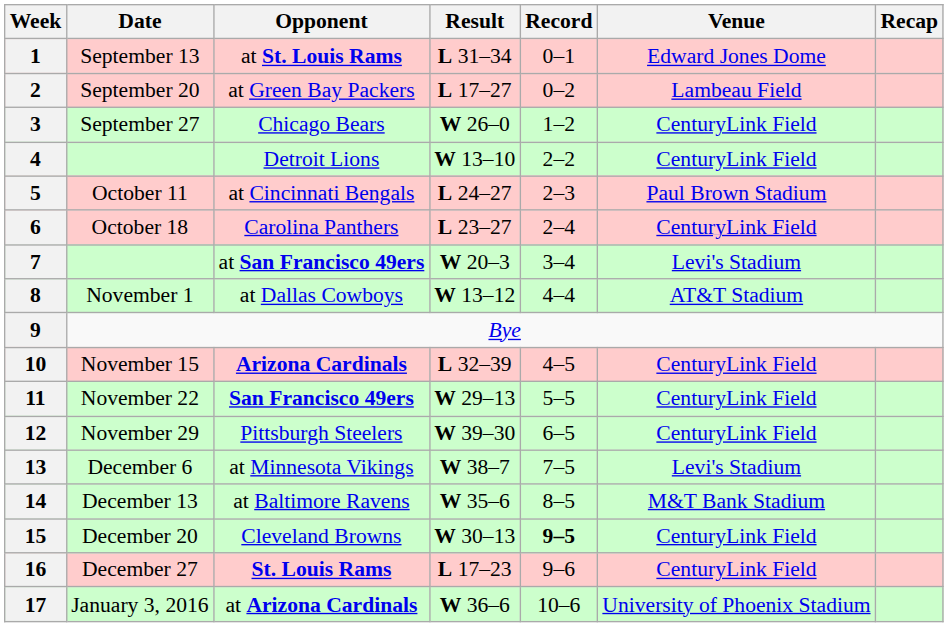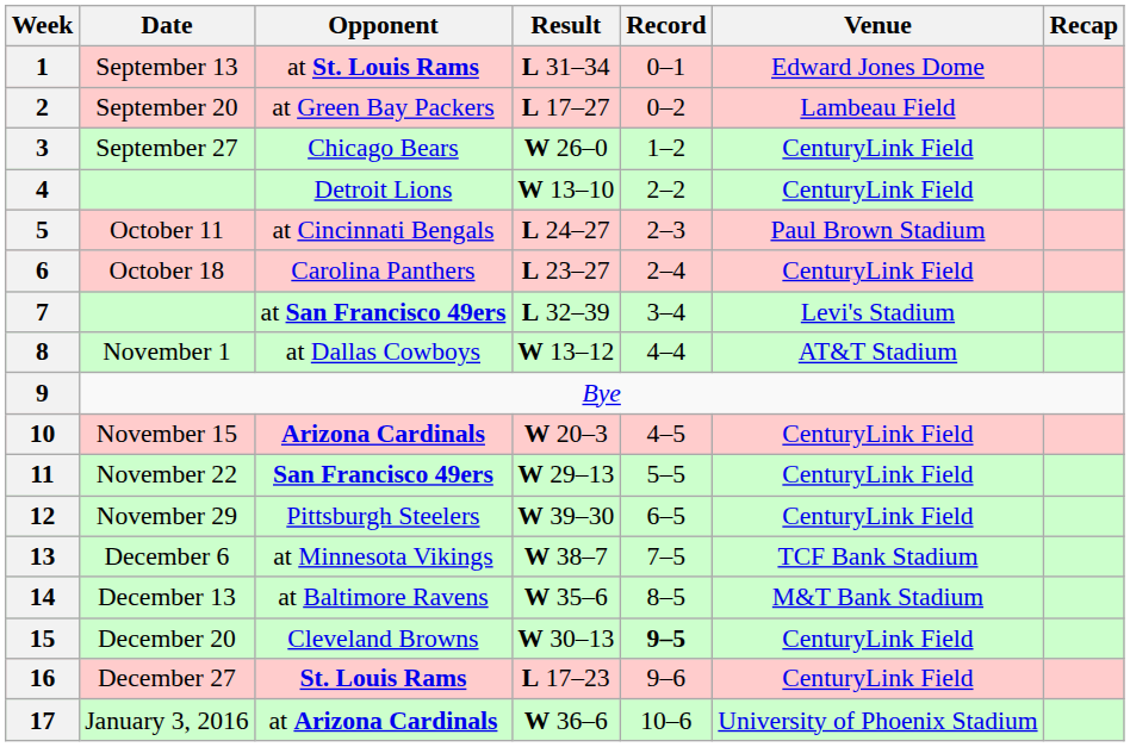 <table class="wikitable" style="text-align:center">
 <tr>
 <th>Week</th>
 <th>Date</th>
 <th>Opponent</th>
 <th>Result</th>
 <th>Record</th>
 <th>Venue</th>
 <th>Recap</th>
 </tr>
 <tr style="background:#fcc">
 <th>1</th>
 <td>September 13</td>
 <td>at <strong><a href='#'>St. Louis Rams</a></strong></td>
 <td><strong>L</strong> 31–34 </td>
 <td>0–1</td>
 <td><a href='#'>Edward Jones Dome</a></td>
 <td></td>
 </tr>
 <tr style="background:#fcc">
 <th>2</th>
 <td>September 20</td>
 <td>at <a href='#'>Green Bay Packers</a></td>
 <td><strong>L</strong> 17–27</td>
 <td>0–2</td>
 <td><a href='#'>Lambeau Field</a></td>
 <td></td>
 </tr>
 <tr style="background:#cfc">
 <th>3</th>
 <td>September 27</td>
 <td><a href='#'>Chicago Bears</a></td>
 <td><strong>W</strong> 26–0</td>
 <td>1–2</td>
 <td><a href='#'>CenturyLink Field</a></td>
 <td></td>
 </tr>
 <tr style="background:#cfc">
 <th>4</th>
 <td></td>
 <td><a href='#'>Detroit Lions</a></td>
 <td><strong>W</strong> 13–10</td>
 <td>2–2</td>
 <td><a href='#'>CenturyLink Field</a></td>
 <td></td>
 </tr>
 <tr style="background:#fcc">
 <th>5</th>
 <td>October 11</td>
 <td>at <a href='#'>Cincinnati Bengals</a></td>
 <td><strong>L</strong> 24–27 </td>
 <td>2–3</td>
 <td><a href='#'>Paul Brown Stadium</a></td>
 <td></td>
 </tr>
 <tr style="background:#fcc">
 <th>6</th>
 <td>October 18</td>
 <td><a href='#'>Carolina Panthers</a></td>
 <td><strong>L</strong> 23–27</td>
 <td>2–4</td>
 <td><a href='#'>CenturyLink Field</a></td>
 <td></td>
 </tr>
 <tr style="background:#cfc">
 <th>7</th>
 <td></td>
 <td>at <strong><a href='#'>San Francisco 49ers</a></strong></td>
-<td><strong>W</strong> 20–3</td>
+<td><strong>L</strong> 32–39</td>
 <td>3–4</td>
 <td><a href='#'>Levi's Stadium</a></td>
 <td></td>
 </tr>
 <tr style="background:#cfc">
 <th>8</th>
 <td>November 1</td>
 <td>at <a href='#'>Dallas Cowboys</a></td>
 <td><strong>W</strong> 13–12</td>
 <td>4–4</td>
 <td><a href='#'>AT&T Stadium</a></td>
 <td></td>
 </tr>
 <tr>
 <th>9</th>
 <td colspan="6"><em><a href='#'>Bye</a></em></td>
 </tr>
 <tr style="background:#fcc">
 <th>10</th>
 <td>November 15</td>
 <td><strong><a href='#'>Arizona Cardinals</a></strong></td>
-<td><strong>L</strong> 32–39</td>
+<td><strong>W</strong> 20–3</td>
 <td>4–5</td>
 <td><a href='#'>CenturyLink Field</a></td>
 <td></td>
 </tr>
 <tr style="background:#cfc">
 <th>11</th>
 <td>November 22</td>
 <td><strong><a href='#'>San Francisco 49ers</a></strong></td>
 <td><strong>W</strong> 29–13</td>
 <td>5–5</td>
 <td><a href='#'>CenturyLink Field</a></td>
 <td></td>
 </tr>
 <tr style="background:#cfc">
 <th>12</th>
 <td>November 29</td>
 <td><a href='#'>Pittsburgh Steelers</a></td>
 <td><strong>W</strong> 39–30</td>
 <td>6–5</td>
 <td><a href='#'>CenturyLink Field</a></td>
 <td></td>
 </tr>
 <tr style="background:#cfc">
 <th>13</th>
 <td>December 6</td>
 <td>at <a href='#'>Minnesota Vikings</a></td>
 <td><strong>W</strong> 38–7</td>
 <td>7–5</td>
-<td><a href='#'>Levi's Stadium</a></td>
+<td><a href='#'>TCF Bank Stadium</a></td>
 <td></td>
 </tr>
 <tr style="background:#cfc">
 <th>14</th>
 <td>December 13</td>
 <td>at <a href='#'>Baltimore Ravens</a></td>
 <td><strong>W</strong> 35–6</td>
 <td>8–5</td>
 <td><a href='#'>M&T Bank Stadium</a></td>
 <td></td>
 </tr>
 <tr style="background:#cfc">
 <th>15</th>
 <td>December 20</td>
 <td><a href='#'>Cleveland Browns</a></td>
 <td><strong>W</strong> 30–13</td>
 <td><strong>9–5</strong></td>
 <td><a href='#'>CenturyLink Field</a></td>
 <td></td>
 </tr>
 <tr style="background:#fcc">
 <th>16</th>
 <td>December 27</td>
 <td><strong><a href='#'>St. Louis Rams</a></strong></td>
 <td><strong>L</strong> 17–23</td>
 <td>9–6</td>
 <td><a href='#'>CenturyLink Field</a></td>
 <td></td>
 </tr>
 <tr style="background:#cfc">
 <th>17</th>
 <td>January 3, 2016</td>
 <td>at <strong><a href='#'>Arizona Cardinals</a></strong></td>
 <td><strong>W</strong> 36–6</td>
 <td>10–6</td>
 <td><a href='#'>University of Phoenix Stadium</a></td>
 <td></td>
 </tr>
 </table>
